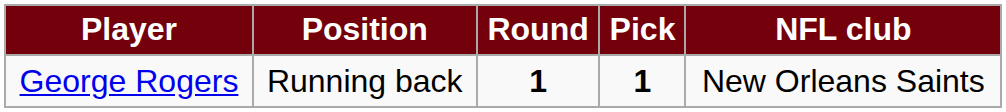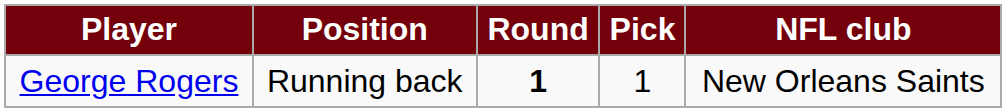 <table class="wikitable" width="80%">
 <tr align="center"  style="background:#73000A;color:#FFFFFF;">
 <td><strong>Player</strong></td>
 <td><strong>Position</strong></td>
 <td><strong>Round</strong></td>
 <td><strong>Pick</strong></td>
 <td><strong>NFL club</strong></td>
 </tr>
 <tr align="center" bgcolor="">
 <td><a href='#'>George Rogers</a></td>
 <td>Running back</td>
 <td><strong>1</strong></td>
-<td><strong>1</strong></td>
+<td>1</td>
 <td>New Orleans Saints</td>
 </tr>
 <tr align="center" bgcolor="">
 </tr>
 </table>
